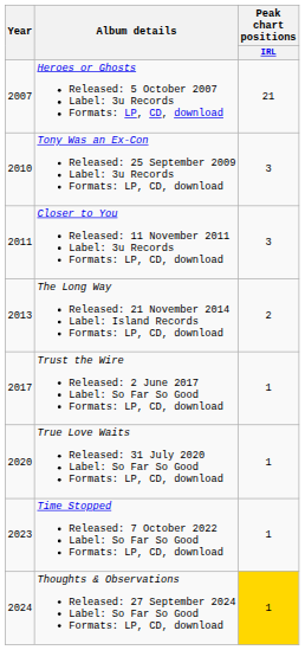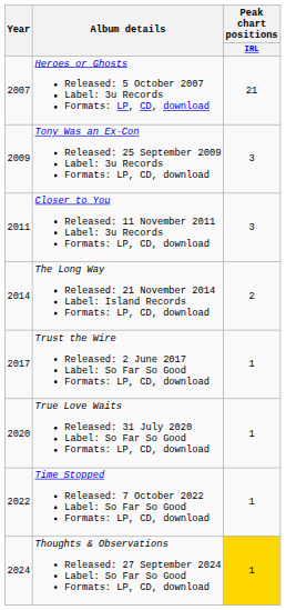 <table class="wikitable" style="text-align: center;">
 <tr>
 <th scope="col" rowspan="2">Year</th>
 <th scope="col" rowspan="2">Album details</th>
 <th scope="col">Peak chart positions</th>
 </tr>
 <tr style="font-size: smaller;">
 <th scope="col" style="width:30px;"><a href='#'>IRL</a><br></th>
 </tr>
 <tr>
 <td>2007</td>
 <td style="text-align:left;"><em><a href='#'>Heroes or Ghosts</a></em><br><ul><li>Released: 5 October 2007</li><li>Label: 3u Records</li><li>Formats: <a href='#'>LP</a>, <a href='#'>CD</a>, <a href='#'>download</a></li></ul></td>
 <td>21</td>
 </tr>
 <tr>
-<td>2010</td>
+<td>2009</td>
 <td style="text-align:left;"><em><a href='#'>Tony Was an Ex-Con</a></em><br><ul><li>Released: 25 September 2009</li><li>Label: 3u Records</li><li>Formats: LP, CD, download</li></ul></td>
 <td>3</td>
 </tr>
 <tr>
 <td>2011</td>
 <td style="text-align:left;"><em><a href='#'>Closer to You</a></em><br><ul><li>Released: 11 November 2011</li><li>Label: 3u Records</li><li>Formats: LP, CD, download</li></ul></td>
 <td>3</td>
 </tr>
 <tr>
-<td>2013</td>
+<td>2014</td>
 <td style="text-align:left;"><em>The Long Way</em><br><ul><li>Released: 21 November 2014</li><li>Label: Island Records</li><li>Formats: LP, CD, download</li></ul></td>
 <td>2</td>
 </tr>
 <tr>
 <td>2017</td>
 <td style="text-align:left;"><em>Trust the Wire</em><br><ul><li>Released: 2 June 2017</li><li>Label: So Far So Good</li><li>Formats: LP, CD, download</li></ul></td>
 <td>1</td>
 </tr>
 <tr>
 <td>2020</td>
 <td style="text-align:left;"><em>True Love Waits</em><br><ul><li>Released: 31 July 2020</li><li>Label: So Far So Good</li><li>Formats: LP, CD, download</li></ul></td>
 <td>1</td>
 </tr>
 <tr>
-<td>2023</td>
+<td>2022</td>
 <td style="text-align:left;"><em><a href='#'>Time Stopped</a></em><br><ul><li>Released: 7 October 2022</li><li>Label: So Far So Good</li><li>Formats: LP, CD, download</li></ul></td>
 <td>1<br></td>
 </tr>
 <tr>
 <td>2024</td>
 <td style="text-align:left;"><em>Thoughts & Observations</em><br><ul><li>Released: 27 September 2024</li><li>Label: So Far So Good</li><li>Formats: LP, CD, download</li></ul></td>
 <td style="background: gold;">1<br></td>
 </tr>
 </table>
